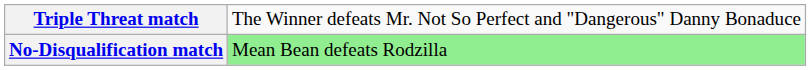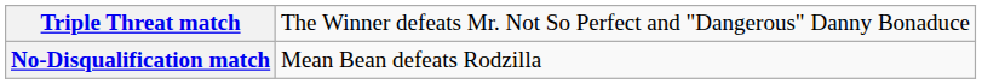 <table class="wikitable" border="1">
 <tr>
 <th><a href='#'>Triple Threat match</a></th>
 <td>The Winner defeats Mr. Not So Perfect and "Dangerous" Danny Bonaduce</td>
 </tr>
 <tr>
 <th><a href='#'>No-Disqualification match</a></th>
-<td style="background: lightgreen;">Mean Bean defeats Rodzilla</td>
+<td>Mean Bean defeats Rodzilla</td>
 </tr>
 </table>
